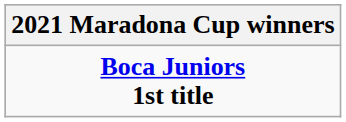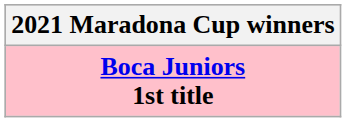 <table class="wikitable" style="text-align: center; margin: 0 auto;">
 <tr>
 <th>2021 Maradona Cup winners</th>
 </tr>
 <tr>
-<td><strong><a href='#'>Boca Juniors</a></strong><br><strong>1st title</strong></td>
+<td style="background: pink;"><strong><a href='#'>Boca Juniors</a></strong><br><strong>1st title</strong></td>
 </tr>
 </table>
